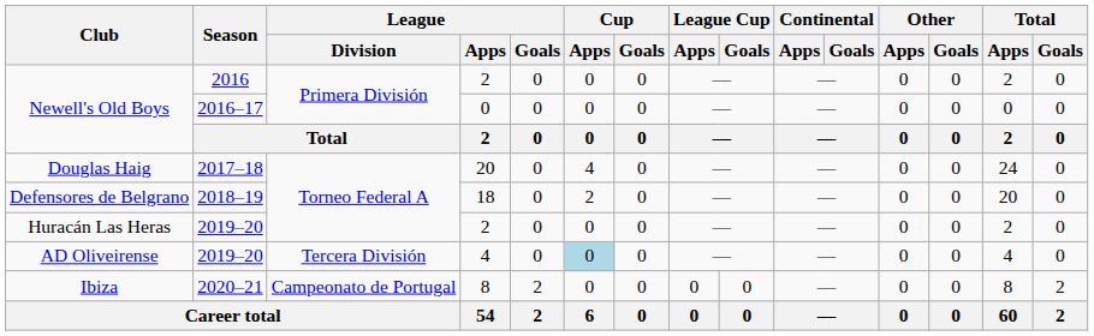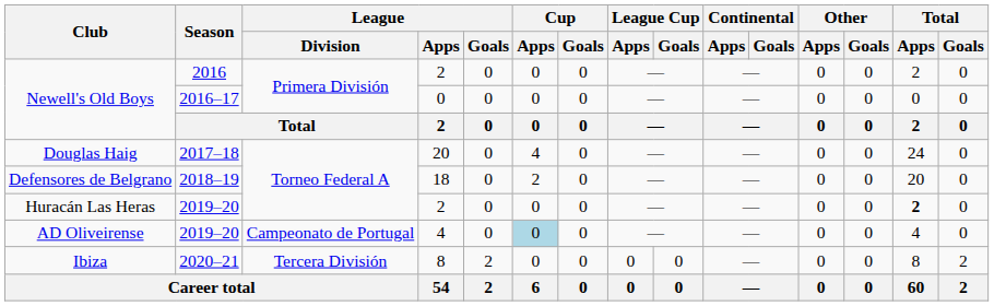 <table class="wikitable" style="text-align:center">
 <tr>
 <th rowspan="2">Club</th>
 <th rowspan="2">Season</th>
 <th colspan="3">League</th>
 <th colspan="2">Cup</th>
 <th colspan="2">League Cup</th>
 <th colspan="2">Continental</th>
 <th colspan="2">Other</th>
 <th colspan="2">Total</th>
 </tr>
 <tr>
 <th>Division</th>
 <th>Apps</th>
 <th>Goals</th>
 <th>Apps</th>
 <th>Goals</th>
 <th>Apps</th>
 <th>Goals</th>
 <th>Apps</th>
 <th>Goals</th>
 <th>Apps</th>
 <th>Goals</th>
 <th>Apps</th>
 <th>Goals</th>
 </tr>
 <tr>
 <td rowspan="3"><a href='#'>Newell's Old Boys</a></td>
 <td><a href='#'>2016</a></td>
 <td rowspan="2"><a href='#'>Primera División</a></td>
 <td>2</td>
 <td>0</td>
 <td>0</td>
 <td>0</td>
 <td colspan="2">—</td>
 <td colspan="2">—</td>
 <td>0</td>
 <td>0</td>
 <td>2</td>
 <td>0</td>
 </tr>
 <tr>
 <td><a href='#'>2016–17</a></td>
 <td>0</td>
 <td>0</td>
 <td>0</td>
 <td>0</td>
 <td colspan="2">—</td>
 <td colspan="2">—</td>
 <td>0</td>
 <td>0</td>
 <td>0</td>
 <td>0</td>
 </tr>
 <tr>
 <th colspan="2">Total</th>
 <th>2</th>
 <th>0</th>
 <th>0</th>
 <th>0</th>
 <th colspan="2">—</th>
 <th colspan="2">—</th>
 <th>0</th>
 <th>0</th>
 <th>2</th>
 <th>0</th>
 </tr>
 <tr>
 <td rowspan="1"><a href='#'>Douglas Haig</a></td>
 <td><a href='#'>2017–18</a></td>
 <td rowspan="3"><a href='#'>Torneo Federal A</a></td>
 <td>20</td>
 <td>0</td>
 <td>4</td>
 <td>0</td>
 <td colspan="2">—</td>
 <td colspan="2">—</td>
 <td>0</td>
 <td>0</td>
 <td>24</td>
 <td>0</td>
 </tr>
 <tr>
 <td rowspan="1"><a href='#'>Defensores de Belgrano</a></td>
 <td><a href='#'>2018–19</a></td>
 <td>18</td>
 <td>0</td>
 <td>2</td>
 <td>0</td>
 <td colspan="2">—</td>
 <td colspan="2">—</td>
 <td>0</td>
 <td>0</td>
 <td>20</td>
 <td>0</td>
 </tr>
 <tr>
 <td rowspan="1">Huracán Las Heras</td>
 <td><a href='#'>2019–20</a></td>
 <td>2</td>
 <td>0</td>
 <td>0</td>
 <td>0</td>
 <td colspan="2">—</td>
 <td colspan="2">—</td>
 <td>0</td>
 <td>0</td>
-<td>2</td>
+<td><strong>2</strong></td>
 <td>0</td>
 </tr>
 <tr>
 <td rowspan="1"><a href='#'>AD Oliveirense</a></td>
 <td><a href='#'>2019–20</a></td>
-<td rowspan="1"><a href='#'>Tercera División</a></td>
+<td rowspan="1"><a href='#'>Campeonato de Portugal</a></td>
 <td>4</td>
 <td>0</td>
 <td style="background: lightblue;">0</td>
 <td>0</td>
 <td colspan="2">—</td>
 <td colspan="2">—</td>
 <td>0</td>
 <td>0</td>
 <td>4</td>
 <td>0</td>
 </tr>
 <tr>
 <td rowspan="1"><a href='#'>Ibiza</a></td>
 <td><a href='#'>2020–21</a></td>
-<td rowspan="1"><a href='#'>Campeonato de Portugal</a></td>
+<td rowspan="1"><a href='#'>Tercera División</a></td>
 <td>8</td>
 <td>2</td>
 <td>0</td>
 <td>0</td>
 <td>0</td>
 <td>0</td>
 <td colspan="2">—</td>
 <td>0</td>
 <td>0</td>
 <td>8</td>
 <td>2</td>
 </tr>
 <tr>
 <th colspan="3">Career total</th>
 <th>54</th>
 <th>2</th>
 <th>6</th>
 <th>0</th>
 <th>0</th>
 <th>0</th>
 <th colspan="2">—</th>
 <th>0</th>
 <th>0</th>
 <th>60</th>
 <th>2</th>
 </tr>
 </table>
